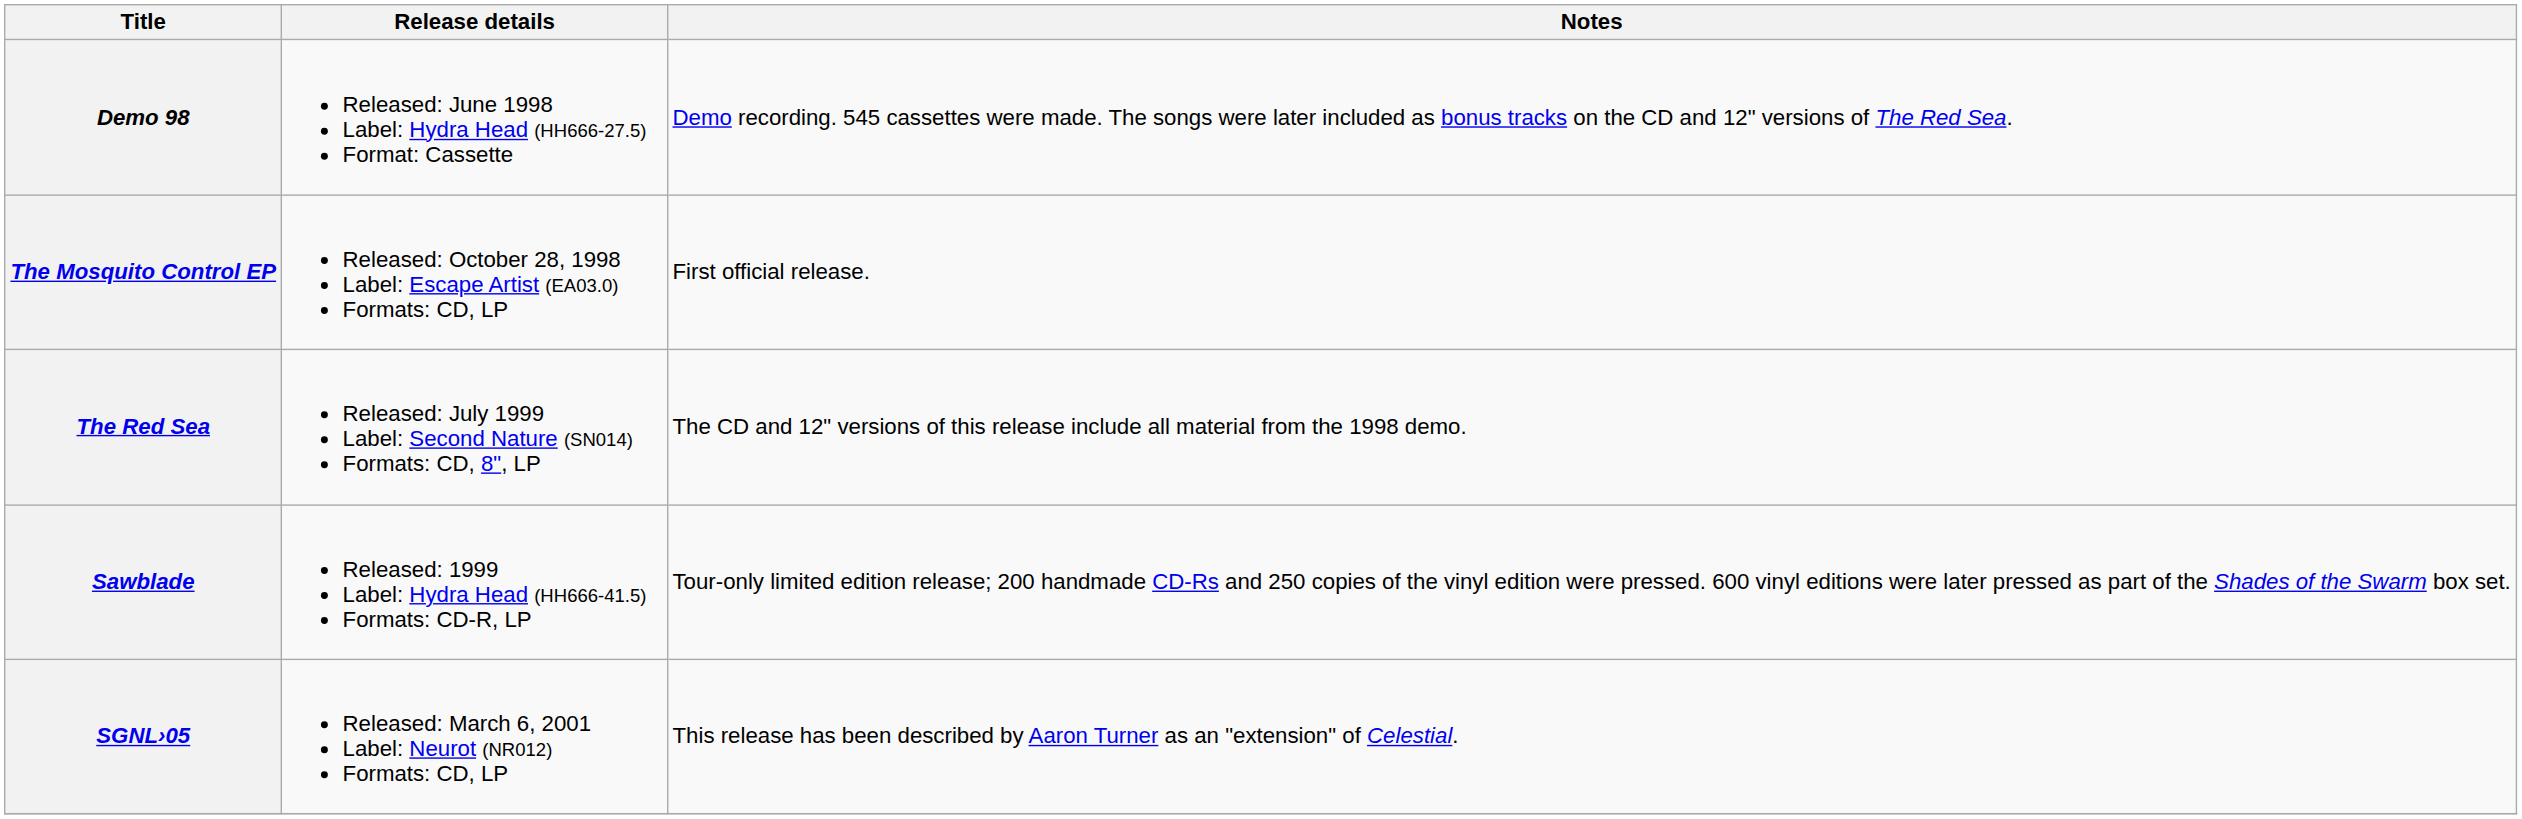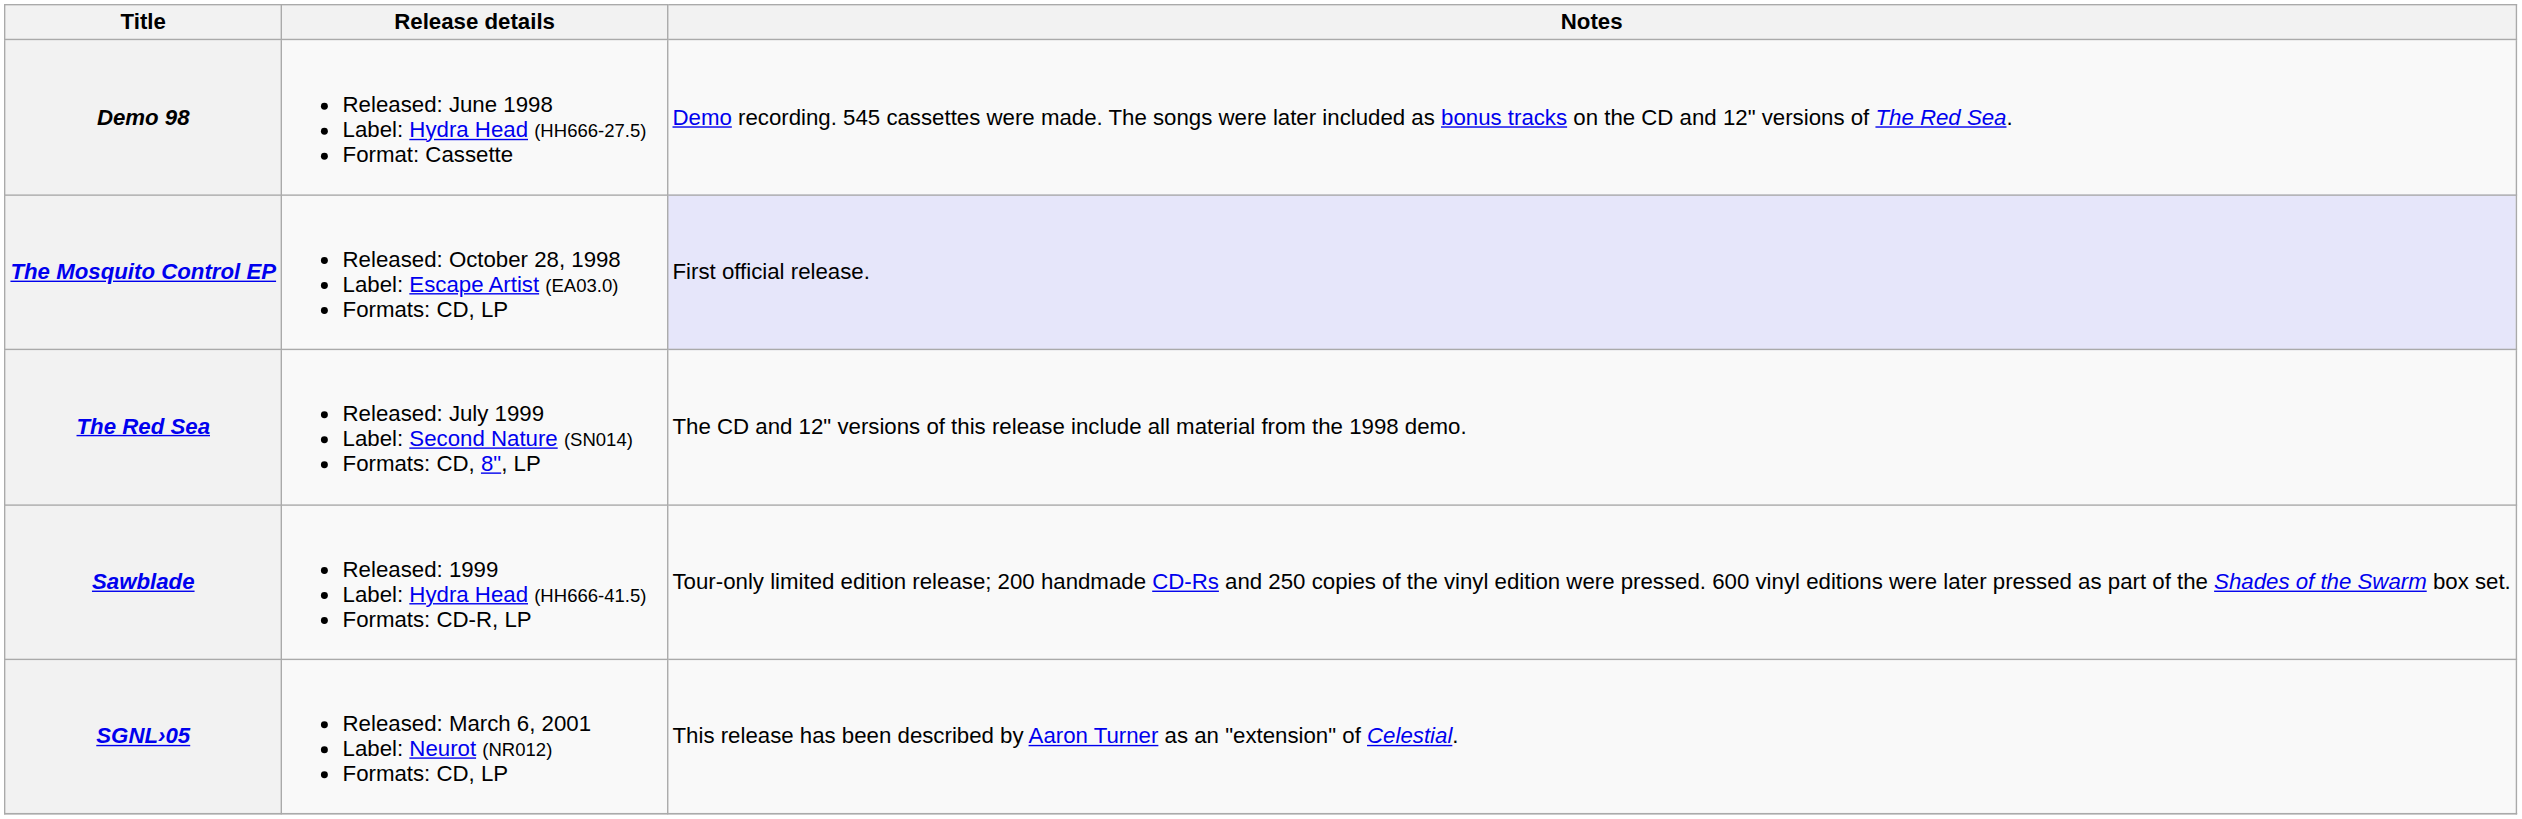 <table class ="wikitable plainrowheaders">
 <tr>
 <th style="width:12em;">Title</th>
 <th width="270">Release details</th>
 <th>Notes</th>
 </tr>
 <tr>
 <th scope="Row"><em>Demo 98</em></th>
 <td><br><ul><li>Released: June 1998</li><li>Label: <a href='#'>Hydra Head</a> <small>(HH666-27.5)</small></li><li>Format: Cassette</li></ul></td>
 <td><a href='#'>Demo</a> recording. 545 cassettes were made. The songs were later included as <a href='#'>bonus tracks</a> on the CD and 12" versions of <em><a href='#'>The Red Sea</a></em>.</td>
 </tr>
 <tr>
 <th scope="row"><em><a href='#'>The Mosquito Control EP</a></em></th>
 <td><br><ul><li>Released: October 28, 1998</li><li>Label: <a href='#'>Escape Artist</a> <small>(EA03.0)</small></li><li>Formats: CD, LP</li></ul></td>
-<td>First official release.</td>
+<td style="background: lavender;">First official release.</td>
 </tr>
 <tr>
 <th scope="Row"><em><a href='#'>The Red Sea</a></em></th>
 <td><br><ul><li>Released: July 1999</li><li>Label: <a href='#'>Second Nature</a> <small>(SN014)</small></li><li>Formats: CD, <a href='#'>8"</a>, LP</li></ul></td>
 <td>The CD and 12" versions of this release include all material from the 1998 demo.</td>
 </tr>
 <tr>
 <th scope="Row"><em><a href='#'>Sawblade</a></em></th>
 <td><br><ul><li>Released: 1999</li><li>Label: <a href='#'>Hydra Head</a> <small>(HH666-41.5)</small></li><li>Formats: CD-R, LP</li></ul></td>
 <td>Tour-only limited edition release; 200 handmade <a href='#'>CD-Rs</a> and 250 copies of the vinyl edition were pressed. 600 vinyl editions were later pressed as part of the <em><a href='#'>Shades of the Swarm</a></em> box set.</td>
 </tr>
 <tr>
 <th scope="Row"><em><a href='#'>SGNL›05</a></em></th>
 <td><br><ul><li>Released: March 6, 2001</li><li>Label: <a href='#'>Neurot</a> <small>(NR012)</small></li><li>Formats: CD, LP</li></ul></td>
 <td>This release has been described by <a href='#'>Aaron Turner</a> as an "extension" of <em><a href='#'>Celestial</a></em>.</td>
 </tr>
 <tr>
 </tr>
 </table>
